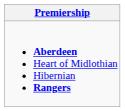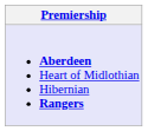 <table class="wikitable">
 <tr>
 <th><a href='#'>Premiership</a></th>
 </tr>
 <tr>
-<td valign=top><br><ul><li><strong><a href='#'>Aberdeen</a></strong></li><li><a href='#'>Heart of Midlothian</a></li><li><a href='#'>Hibernian</a></li><li><strong><a href='#'>Rangers</a></strong></li></ul></td>
+<td valign=top style="background: lavender;"><br><ul><li><strong><a href='#'>Aberdeen</a></strong></li><li><a href='#'>Heart of Midlothian</a></li><li><a href='#'>Hibernian</a></li><li><strong><a href='#'>Rangers</a></strong></li></ul></td>
 </tr>
 </table>
